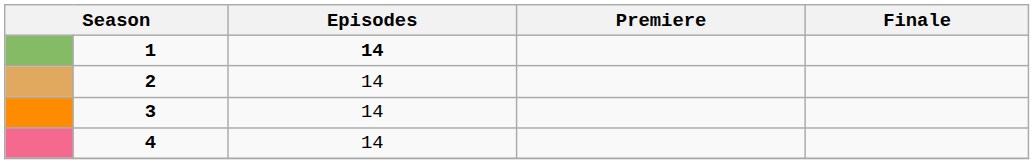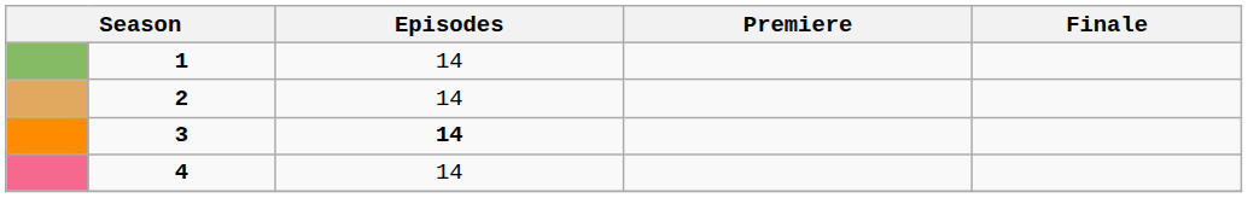 <table class="wikitable" width=80%arc>
 <tr>
 <th colspan="2">Season</th>
 <th>Episodes</th>
 <th>Premiere</th>
 <th>Finale</th>
 </tr>
 <tr>
 <td bgcolor=#85BB65 height="5px"></td>
 <td align="center"><strong>1</strong></td>
-<td align="center"><strong>14</strong></td>
+<td align="center">14</td>
 <td align="center"></td>
 <td align="center"></td>
 </tr>
 <tr>
 <td bgcolor=#E1A95F height="5px"></td>
 <td align="center"><strong>2</strong></td>
 <td align="center">14</td>
 <td align="center"></td>
 <td align="center"></td>
 </tr>
 <tr>
 <td bgcolor=#FF8C00 height="5px"></td>
 <td align="center"><strong>3</strong></td>
-<td align="center">14</td>
+<td align="center"><strong>14</strong></td>
 <td align="center"></td>
 <td align="center"></td>
 </tr>
 <tr>
 <td bgcolor=#F56991 height="5px"></td>
 <td align="center"><strong>4</strong></td>
 <td align="center">14</td>
 <td align="center"></td>
 <td align="center"></td>
 </tr>
 <tr>
 </tr>
 </table>
